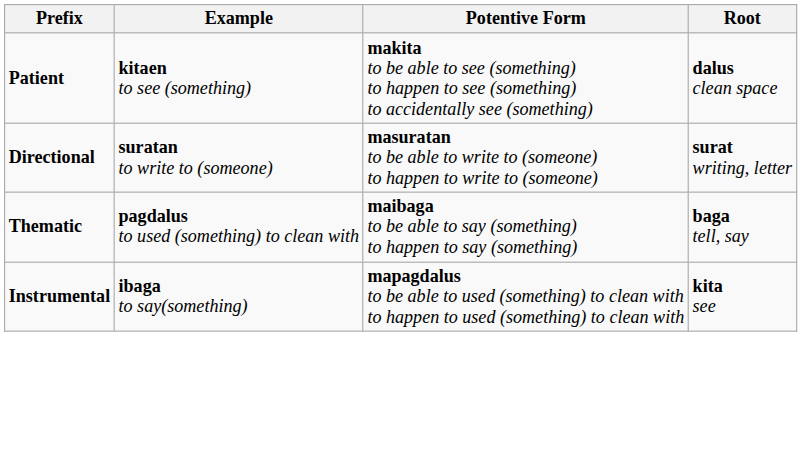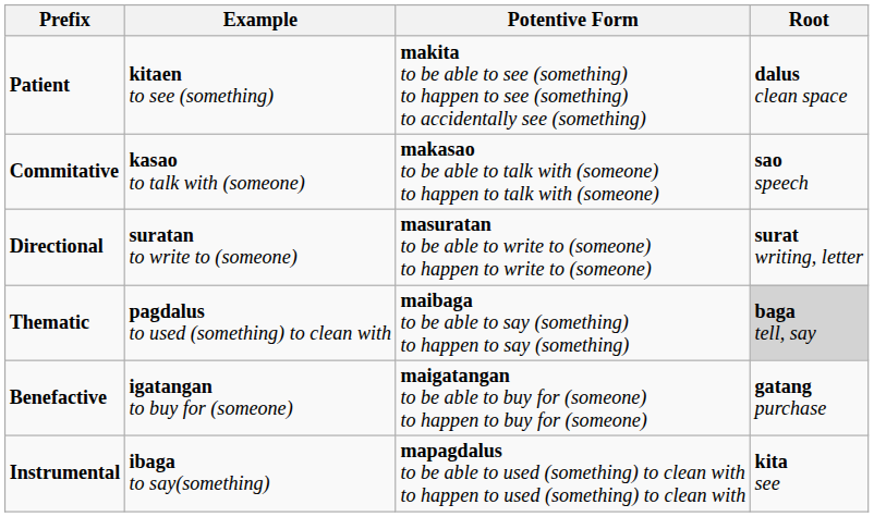 <table class="wikitable" align="center">
 <tr>
 <th>Prefix</th>
 <th>Example</th>
 <th>Potentive Form</th>
 <th>Root</th>
 </tr>
 <tr>
 <td><strong>Patient</strong></td>
 <td><strong>kitaen</strong><br><em>to see (something)</em></td>
 <td><strong>makita</strong><br><em>to be able to see (something)</em><br> <em>to happen to see (something)</em><br>  <em>to accidentally see (something)</em></td>
 <td><strong>dalus</strong><br><em>clean space</em></td>
 </tr>
 <tr>
+<td><strong>Commitative</strong></td>
+<td><strong>kasao</strong><br><em>to talk with (someone)</em></td>
+<td><strong>makasao</strong><br><em>to be able to talk with (someone)</em><br> <em>to happen to talk with (someone)</em></td>
+<td><strong>sao</strong><br><em>speech</em></td>
+</tr>
+<tr>
 <td><strong>Directional</strong></td>
 <td><strong>suratan</strong><br><em>to write to (someone)</em></td>
 <td><strong>masuratan</strong><br><em>to be able to write to (someone)</em><br> <em>to happen to write to (someone)</em></td>
 <td><strong>surat</strong><br><em>writing, letter</em></td>
 </tr>
 <tr>
 <td><strong>Thematic</strong></td>
 <td><strong>pagdalus</strong><br><em>to used (something) to clean with</em></td>
 <td><strong>maibaga</strong><br><em>to be able to say (something)</em><br> <em>to happen to say (something)</em></td>
-<td><strong>baga</strong><br><em>tell, say</em></td>
+<td style="background: lightgrey;"><strong>baga</strong><br><em>tell, say</em></td>
+</tr>
+<tr>
+<td><strong>Benefactive</strong></td>
+<td><strong>igatangan</strong><br><em>to buy for (someone)</em></td>
+<td><strong>maigatangan</strong><br><em>to be able to buy for (someone)</em><br> <em>to happen to buy for (someone)</em></td>
+<td><strong>gatang</strong><br><em>purchase</em></td>
 </tr>
 <tr>
 <td><strong>Instrumental</strong></td>
 <td><strong>ibaga</strong><br><em>to say(something)</em></td>
 <td><strong>mapagdalus</strong><br><em>to be able to used (something) to clean with</em><br> <em>to happen to used (something) to clean with</em></td>
 <td><strong>kita</strong><br><em>see</em></td>
 </tr>
 </table>
